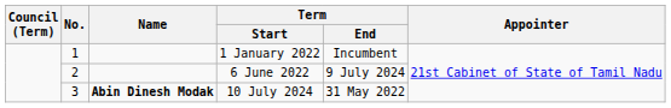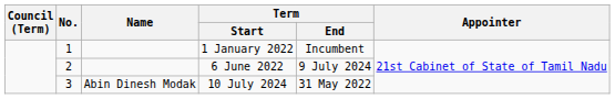 <table class="wikitable sortable" style="text-align:center">
 <tr>
 <th rowspan="2" scope="col">Council<br>(Term)</th>
 <th rowspan="2" scope="col">No.</th>
 <th rowspan="2" scope="col">Name</th>
 <th colspan="2" scope="col" class="unsortable">Term</th>
 <th rowspan="2">Appointer</th>
 </tr>
 <tr>
 <th>Start</th>
 <th>End</th>
 </tr>
 <tr>
 <td rowspan="3"></td>
 <td>1</td>
 <td></td>
 <td>1 January 2022</td>
 <td>Incumbent</td>
 <td rowspan="3"><a href='#'>21st Cabinet of State of Tamil Nadu</a></td>
 </tr>
 <tr>
 <td>2</td>
 <td></td>
 <td>6 June 2022</td>
 <td>9 July 2024</td>
 </tr>
 <tr>
 <td>3</td>
-<td><strong>Abin Dinesh Modak</strong></td>
+<td>Abin Dinesh Modak</td>
 <td>10 July 2024</td>
 <td>31 May 2022</td>
 </tr>
 </table>
